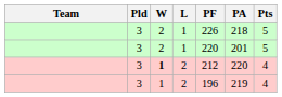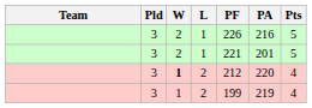 <table class="wikitable" style="text-align:center;">
 <tr>
 <th width=170>Team</th>
 <th width=25>Pld</th>
 <th width=25>W</th>
 <th width=25>L</th>
 <th width=35>PF</th>
 <th width=35>PA</th>
 <th width=25>Pts</th>
 </tr>
 <tr bgcolor=#ccffcc>
 <td align="left"></td>
 <td>3</td>
 <td>2</td>
 <td>1</td>
 <td>226</td>
-<td>218</td>
+<td>216</td>
 <td>5</td>
 </tr>
 <tr bgcolor=#ccffcc>
 <td align="left"></td>
 <td>3</td>
 <td>2</td>
 <td>1</td>
-<td>220</td>
+<td>221</td>
 <td>201</td>
 <td>5</td>
 </tr>
 <tr bgcolor=#ffcccc>
 <td align="left"></td>
 <td>3</td>
 <td><strong>1</strong></td>
 <td>2</td>
 <td>212</td>
 <td>220</td>
 <td>4</td>
 </tr>
 <tr bgcolor=#ffcccc>
 <td align="left"></td>
 <td>3</td>
 <td>1</td>
 <td>2</td>
-<td>196</td>
+<td>199</td>
 <td>219</td>
 <td>4</td>
 </tr>
 </table>
